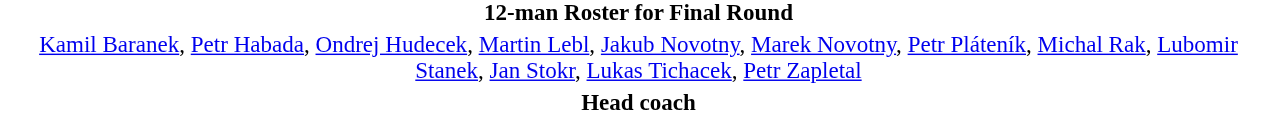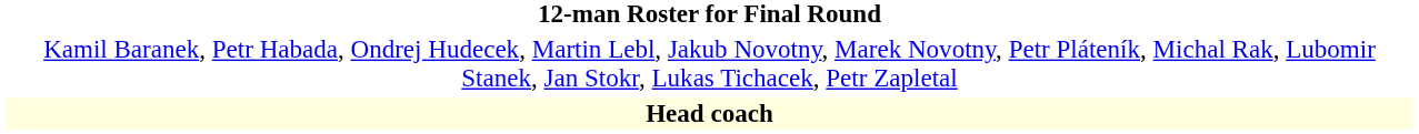 <table style="text-align: center; margin-top: 2em; margin-left: auto; margin-right: auto">
 <tr>
 <td><strong>12-man Roster for Final Round</strong></td>
 </tr>
 <tr>
 <td><a href='#'>Kamil Baranek</a>, <a href='#'>Petr Habada</a>, <a href='#'>Ondrej Hudecek</a>, <a href='#'>Martin Lebl</a>, <a href='#'>Jakub Novotny</a>, <a href='#'>Marek Novotny</a>, <a href='#'>Petr Pláteník</a>, <a href='#'>Michal Rak</a>, <a href='#'>Lubomir Stanek</a>, <a href='#'>Jan Stokr</a>, <a href='#'>Lukas Tichacek</a>, <a href='#'>Petr Zapletal</a></td>
 </tr>
 <tr>
-<td><strong>Head coach</strong></td>
+<td style="background: lightyellow;"><strong>Head coach</strong></td>
 </tr>
 <tr>
 <td></td>
 </tr>
 </table>
